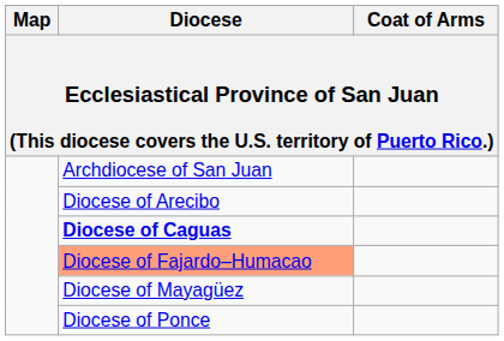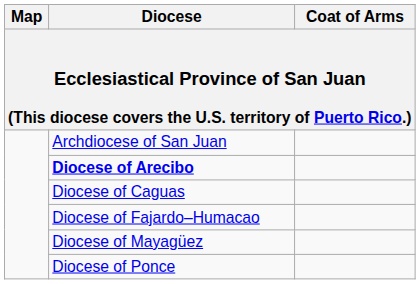 <table class="wikitable sortable">
 <tr>
 <th class="unsortable">Map</th>
 <th>Diocese</th>
 <th class=unsortable>Coat of Arms</th>
 </tr>
 <tr>
 <th colspan="3"><br><h3>Ecclesiastical Province of San Juan</h3>(This diocese covers the U.S. territory of <a href='#'>Puerto Rico</a>.)</th>
 </tr>
 <tr>
 <td rowspan="6"></td>
 <td><a href='#'>Archdiocese of San Juan</a></td>
 <td></td>
 </tr>
 <tr>
-<td><a href='#'>Diocese of Arecibo</a></td>
+<td><strong><a href='#'>Diocese of Arecibo</a></strong></td>
 <td></td>
 </tr>
 <tr>
-<td><strong><a href='#'>Diocese of Caguas</a></strong></td>
+<td><a href='#'>Diocese of Caguas</a></td>
 <td></td>
 </tr>
 <tr>
-<td style="background: lightsalmon;"><a href='#'>Diocese of Fajardo–Humacao</a></td>
+<td><a href='#'>Diocese of Fajardo–Humacao</a></td>
 <td></td>
 </tr>
 <tr>
 <td><a href='#'>Diocese of Mayagüez</a></td>
 <td></td>
 </tr>
 <tr>
 <td><a href='#'>Diocese of Ponce</a></td>
 <td></td>
 </tr>
 </table>
